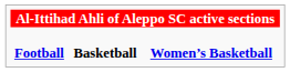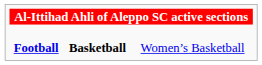 <table class="infobox" style="width: 20em; font-size: 95%em;">
 <tr style="color:white; background:red; text-align:center;">
 <th colspan="3">Al-Ittihad Ahli of Aleppo SC active sections</th>
 </tr>
 <tr style="text-align: center">
 <td><br><strong><a href='#'>Football</a></strong></td>
 <td><br><strong>Basketball</strong></td>
-<td><strong><br><a href='#'>Women’s Basketball</a></strong></td>
+<td><br><a href='#'>Women’s Basketball</a></td>
 </tr>
 </table>
